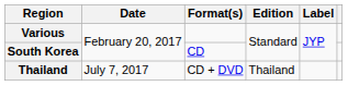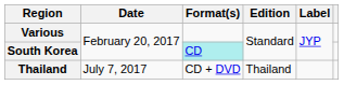 <table class="wikitable plainrowheaders">
 <tr>
 <th>Region</th>
 <th>Date</th>
 <th>Format(s)</th>
 <th>Edition</th>
 <th>Label</th>
 <th></th>
 </tr>
 <tr>
 <th scope="row">Various</th>
 <td rowspan="2">February 20, 2017</td>
 <td></td>
 <td rowspan="2">Standard</td>
 <td rowspan="2"><a href='#'>JYP</a></td>
 <td></td>
 </tr>
 <tr>
 <th scope="row">South Korea</th>
-<td><a href='#'>CD</a></td>
+<td style="background: paleturquoise;"><a href='#'>CD</a></td>
 <td></td>
 </tr>
 <tr>
 <th scope="row">Thailand</th>
 <td>July 7, 2017</td>
 <td>CD + <a href='#'>DVD</a></td>
 <td>Thailand</td>
 <td></td>
 <td></td>
 </tr>
 </table>
